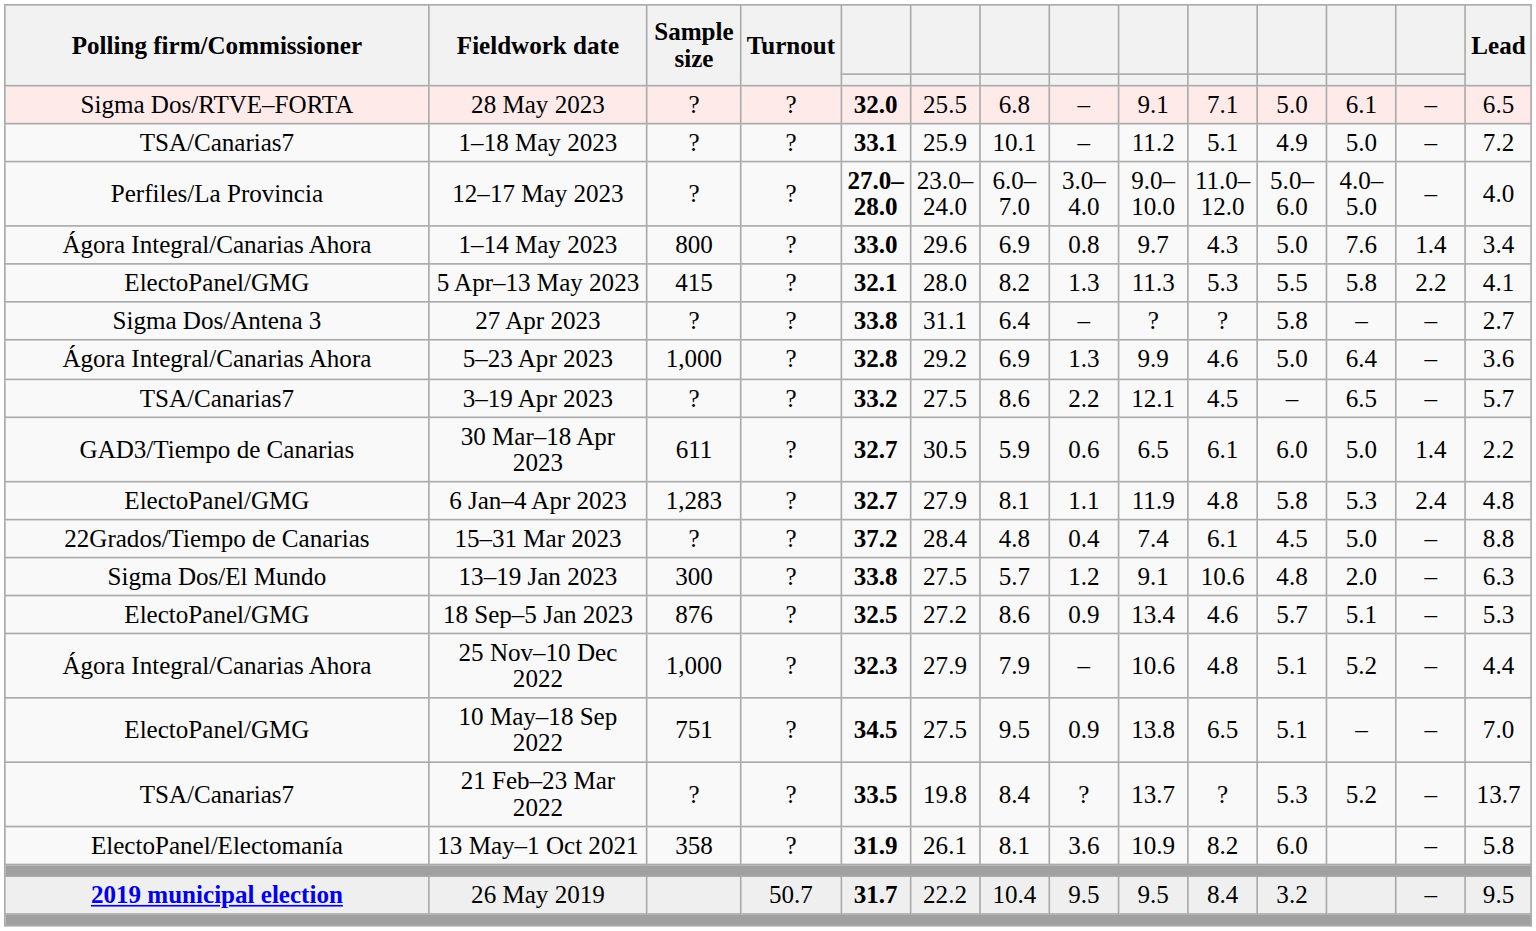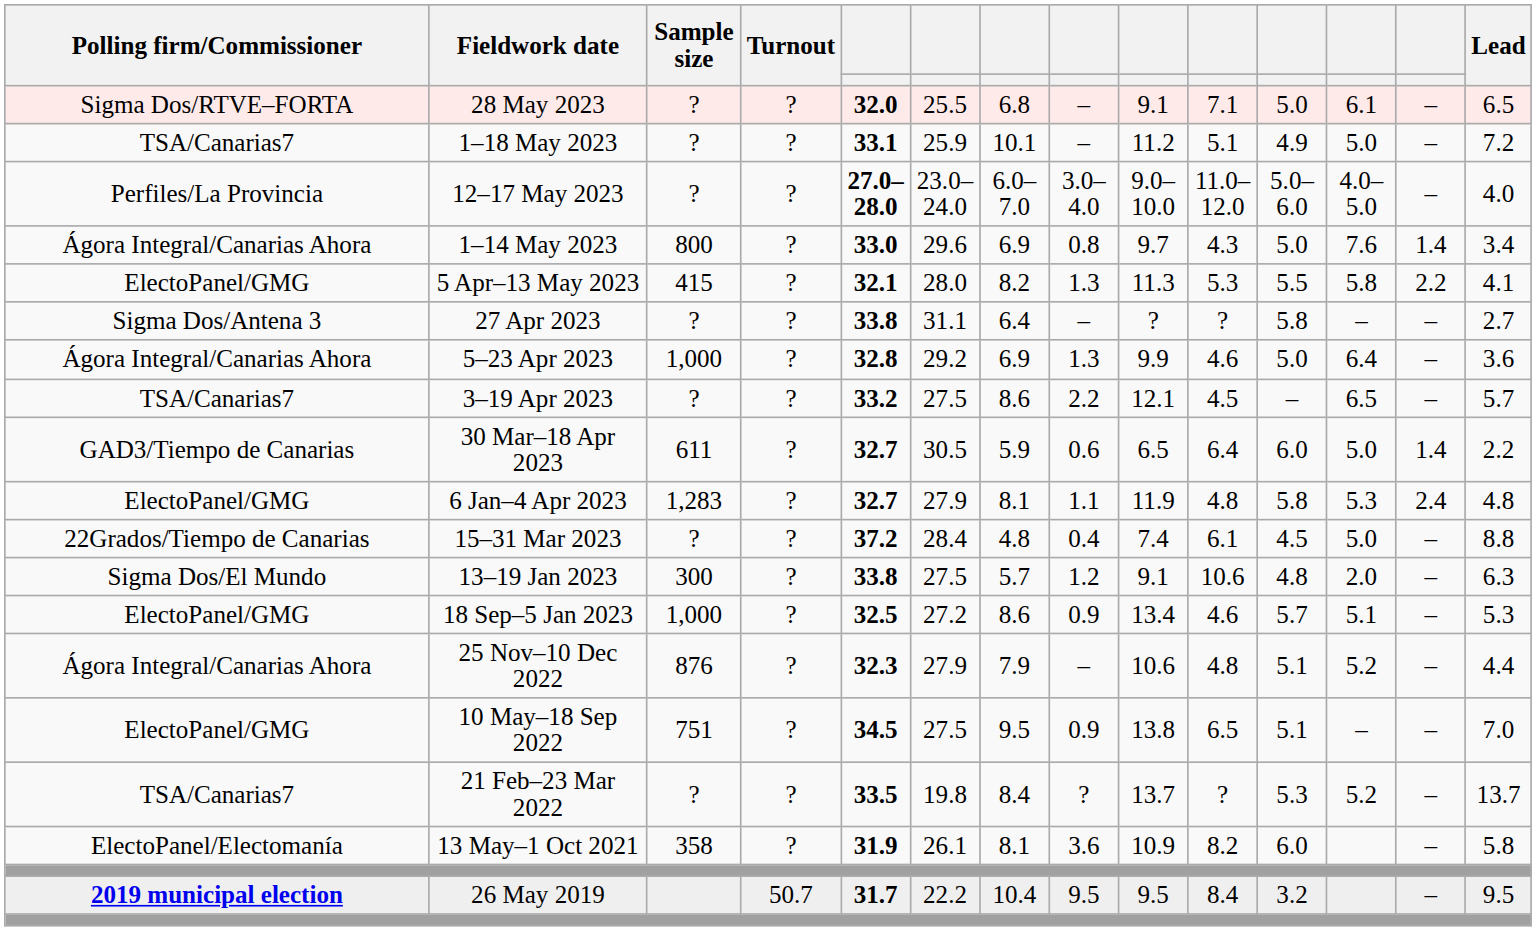 <table class="wikitable collapsible collapsed" style="text-align:center; font-size:95%; line-height:16px;">
 <tr style="height:42px;">
 <th style="width:250px;" rowspan="2">Polling firm/Commissioner</th>
 <th style="width:125px;" rowspan="2">Fieldwork date</th>
 <th style="width:50px;" rowspan="2">Sample size</th>
 <th style="width:45px;" rowspan="2">Turnout</th>
 <th style="width:35px;"></th>
 <th style="width:35px;"></th>
 <th style="width:35px;"></th>
 <th style="width:35px;"></th>
 <th style="width:35px;"></th>
 <th style="width:35px;"></th>
 <th style="width:35px;"></th>
 <th style="width:35px;"></th>
 <th style="width:35px;"></th>
 <th style="width:30px;" rowspan="2">Lead</th>
 </tr>
 <tr>
 <th style="color:inherit;background:"></th>
 <th style="color:inherit;background:"></th>
 <th style="color:inherit;background:"></th>
 <th style="color:inherit;background:"></th>
 <th style="color:inherit;background:"></th>
 <th style="color:inherit;background:"></th>
 <th style="color:inherit;background:"></th>
 <th style="color:inherit;background:"></th>
 <th style="color:inherit;background:"></th>
 </tr>
 <tr style="background:#FFEAEA;">
 <td>Sigma Dos/RTVE–FORTA</td>
 <td>28 May 2023</td>
 <td>?</td>
 <td>?</td>
 <td><strong>32.0</strong><br></td>
 <td>25.5<br></td>
 <td>6.8<br></td>
 <td>–</td>
 <td>9.1<br></td>
 <td>7.1<br></td>
 <td>5.0<br></td>
 <td>6.1<br></td>
 <td>–</td>
 <td style="background:">6.5</td>
 </tr>
 <tr>
 <td>TSA/Canarias7</td>
 <td>1–18 May 2023</td>
 <td>?</td>
 <td>?</td>
 <td><strong>33.1</strong><br></td>
 <td>25.9<br></td>
 <td>10.1<br></td>
 <td>–</td>
 <td>11.2<br></td>
 <td>5.1<br></td>
 <td>4.9<br></td>
 <td>5.0<br></td>
 <td>–</td>
 <td style="background:">7.2</td>
 </tr>
 <tr>
 <td>Perfiles/La Provincia</td>
 <td>12–17 May 2023</td>
 <td>?</td>
 <td>?</td>
 <td><strong>27.0–<br>28.0</strong><br></td>
 <td>23.0–<br>24.0<br></td>
 <td>6.0–<br>7.0<br></td>
 <td>3.0–<br>4.0<br></td>
 <td>9.0–<br>10.0<br></td>
 <td>11.0–<br>12.0<br></td>
 <td>5.0–<br>6.0<br></td>
 <td>4.0–<br>5.0<br></td>
 <td>–</td>
 <td style="background:">4.0</td>
 </tr>
 <tr>
 <td>Ágora Integral/Canarias Ahora</td>
 <td>1–14 May 2023</td>
 <td>800</td>
 <td>?</td>
 <td><strong>33.0</strong><br></td>
 <td>29.6<br></td>
 <td>6.9<br></td>
 <td>0.8<br></td>
 <td>9.7<br></td>
 <td>4.3<br></td>
 <td>5.0<br></td>
 <td>7.6<br></td>
 <td>1.4<br></td>
 <td style="background:">3.4</td>
 </tr>
 <tr>
 <td>ElectoPanel/GMG</td>
 <td>5 Apr–13 May 2023</td>
 <td>415</td>
 <td>?</td>
 <td><strong>32.1</strong><br></td>
 <td>28.0<br></td>
 <td>8.2<br></td>
 <td>1.3<br></td>
 <td>11.3<br></td>
 <td>5.3<br></td>
 <td>5.5<br></td>
 <td>5.8<br></td>
 <td>2.2<br></td>
 <td style="background:">4.1</td>
 </tr>
 <tr>
 <td>Sigma Dos/Antena 3</td>
 <td>27 Apr 2023</td>
 <td>?</td>
 <td>?</td>
 <td><strong>33.8</strong><br></td>
 <td>31.1<br></td>
 <td>6.4<br></td>
 <td>–</td>
 <td>?<br></td>
 <td>?<br></td>
 <td>5.8<br></td>
 <td>–</td>
 <td>–</td>
 <td style="background:">2.7</td>
 </tr>
 <tr>
 <td>Ágora Integral/Canarias Ahora</td>
 <td>5–23 Apr 2023</td>
 <td>1,000</td>
 <td>?</td>
 <td><strong>32.8</strong><br></td>
 <td>29.2<br></td>
 <td>6.9<br></td>
 <td>1.3<br></td>
 <td>9.9<br></td>
 <td>4.6<br></td>
 <td>5.0<br></td>
 <td>6.4<br></td>
 <td>–</td>
 <td style="background:">3.6</td>
 </tr>
 <tr>
 <td>TSA/Canarias7</td>
 <td>3–19 Apr 2023</td>
 <td>?</td>
 <td>?</td>
 <td><strong>33.2</strong><br></td>
 <td>27.5<br></td>
 <td>8.6<br></td>
 <td>2.2<br></td>
 <td>12.1<br></td>
 <td>4.5<br></td>
 <td>–</td>
 <td>6.5<br></td>
 <td>–</td>
 <td style="background:">5.7</td>
 </tr>
 <tr>
 <td>GAD3/Tiempo de Canarias</td>
 <td>30 Mar–18 Apr 2023</td>
 <td>611</td>
 <td>?</td>
 <td><strong>32.7</strong><br></td>
 <td>30.5<br></td>
 <td>5.9<br></td>
 <td>0.6<br></td>
 <td>6.5<br></td>
-<td>6.1<br></td>
+<td>6.4<br></td>
 <td>6.0<br></td>
 <td>5.0<br></td>
 <td>1.4<br></td>
 <td style="background:">2.2</td>
 </tr>
 <tr>
 <td>ElectoPanel/GMG</td>
 <td>6 Jan–4 Apr 2023</td>
 <td>1,283</td>
 <td>?</td>
 <td><strong>32.7</strong><br></td>
 <td>27.9<br></td>
 <td>8.1<br></td>
 <td>1.1<br></td>
 <td>11.9<br></td>
 <td>4.8<br></td>
 <td>5.8<br></td>
 <td>5.3<br></td>
 <td>2.4<br></td>
 <td style="background:">4.8</td>
 </tr>
 <tr>
 <td>22Grados/Tiempo de Canarias</td>
 <td>15–31 Mar 2023</td>
 <td>?</td>
 <td>?</td>
 <td><strong>37.2</strong><br></td>
 <td>28.4<br></td>
 <td>4.8<br></td>
 <td>0.4<br></td>
 <td>7.4<br></td>
 <td>6.1<br></td>
 <td>4.5<br></td>
 <td>5.0<br></td>
 <td>–</td>
 <td style="background:">8.8</td>
 </tr>
 <tr>
 <td>Sigma Dos/El Mundo</td>
 <td>13–19 Jan 2023</td>
 <td>300</td>
 <td>?</td>
 <td><strong>33.8</strong><br></td>
 <td>27.5<br></td>
 <td>5.7<br></td>
 <td>1.2<br></td>
 <td>9.1<br></td>
 <td>10.6<br></td>
 <td>4.8<br></td>
 <td>2.0<br></td>
 <td>–</td>
 <td style="background:">6.3</td>
 </tr>
 <tr>
 <td>ElectoPanel/GMG</td>
 <td>18 Sep–5 Jan 2023</td>
-<td>876</td>
+<td>1,000</td>
 <td>?</td>
 <td><strong>32.5</strong><br></td>
 <td>27.2<br></td>
 <td>8.6<br></td>
 <td>0.9<br></td>
 <td>13.4<br></td>
 <td>4.6<br></td>
 <td>5.7<br></td>
 <td>5.1<br></td>
 <td>–</td>
 <td style="background:">5.3</td>
 </tr>
 <tr>
 <td>Ágora Integral/Canarias Ahora</td>
 <td>25 Nov–10 Dec 2022</td>
-<td>1,000</td>
+<td>876</td>
 <td>?</td>
 <td><strong>32.3</strong><br></td>
 <td>27.9<br></td>
 <td>7.9<br></td>
 <td>–</td>
 <td>10.6<br></td>
 <td>4.8<br></td>
 <td>5.1<br></td>
 <td>5.2<br></td>
 <td>–</td>
 <td style="background:">4.4</td>
 </tr>
 <tr>
 <td>ElectoPanel/GMG</td>
 <td>10 May–18 Sep 2022</td>
 <td>751</td>
 <td>?</td>
 <td><strong>34.5</strong><br></td>
 <td>27.5<br></td>
 <td>9.5<br></td>
 <td>0.9<br></td>
 <td>13.8<br></td>
 <td>6.5<br></td>
 <td>5.1<br></td>
 <td>–</td>
 <td>–</td>
 <td style="background:">7.0</td>
 </tr>
 <tr>
 <td>TSA/Canarias7</td>
 <td>21 Feb–23 Mar 2022</td>
 <td>?</td>
 <td>?</td>
 <td><strong>33.5</strong><br></td>
 <td>19.8<br></td>
 <td>8.4<br></td>
 <td>?<br></td>
 <td>13.7<br></td>
 <td>?<br></td>
 <td>5.3<br></td>
 <td>5.2<br></td>
 <td>–</td>
 <td style="background:">13.7</td>
 </tr>
 <tr>
 <td>ElectoPanel/Electomanía</td>
 <td>13 May–1 Oct 2021</td>
 <td>358</td>
 <td>?</td>
 <td><strong>31.9</strong><br></td>
 <td>26.1<br></td>
 <td>8.1<br></td>
 <td>3.6<br></td>
 <td>10.9<br></td>
 <td>8.2<br></td>
 <td>6.0<br></td>
 <td></td>
 <td>–</td>
 <td style="background:">5.8</td>
 </tr>
 <tr>
 <td colspan="14" style="background:#A0A0A0"></td>
 </tr>
 <tr style="background:#EFEFEF;">
 <td><strong><a href='#'>2019 municipal election</a></strong></td>
 <td>26 May 2019</td>
 <td></td>
 <td>50.7</td>
 <td><strong>31.7</strong><br></td>
 <td>22.2<br></td>
 <td>10.4<br></td>
 <td>9.5<br></td>
 <td>9.5<br></td>
 <td>8.4<br></td>
 <td>3.2<br></td>
 <td></td>
 <td>–</td>
 <td style="background:">9.5</td>
 </tr>
 <tr>
 <td colspan="14" style="background:#A0A0A0"></td>
 </tr>
 </table>
